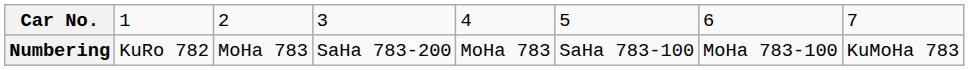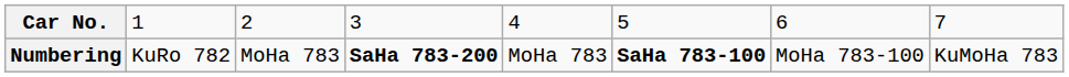 <table class="wikitable">
 <tr>
 <th>Car No.</th>
 <td>1</td>
 <td>2</td>
 <td>3</td>
 <td>4</td>
 <td>5</td>
 <td>6</td>
 <td>7</td>
 </tr>
 <tr>
 <th>Numbering</th>
 <td>KuRo 782</td>
 <td>MoHa 783</td>
-<td>SaHa 783-200</td>
+<td><strong>SaHa 783-200</strong></td>
 <td>MoHa 783</td>
-<td>SaHa 783-100</td>
+<td><strong>SaHa 783-100</strong></td>
 <td>MoHa 783-100</td>
 <td>KuMoHa 783</td>
 </tr>
 </table>
